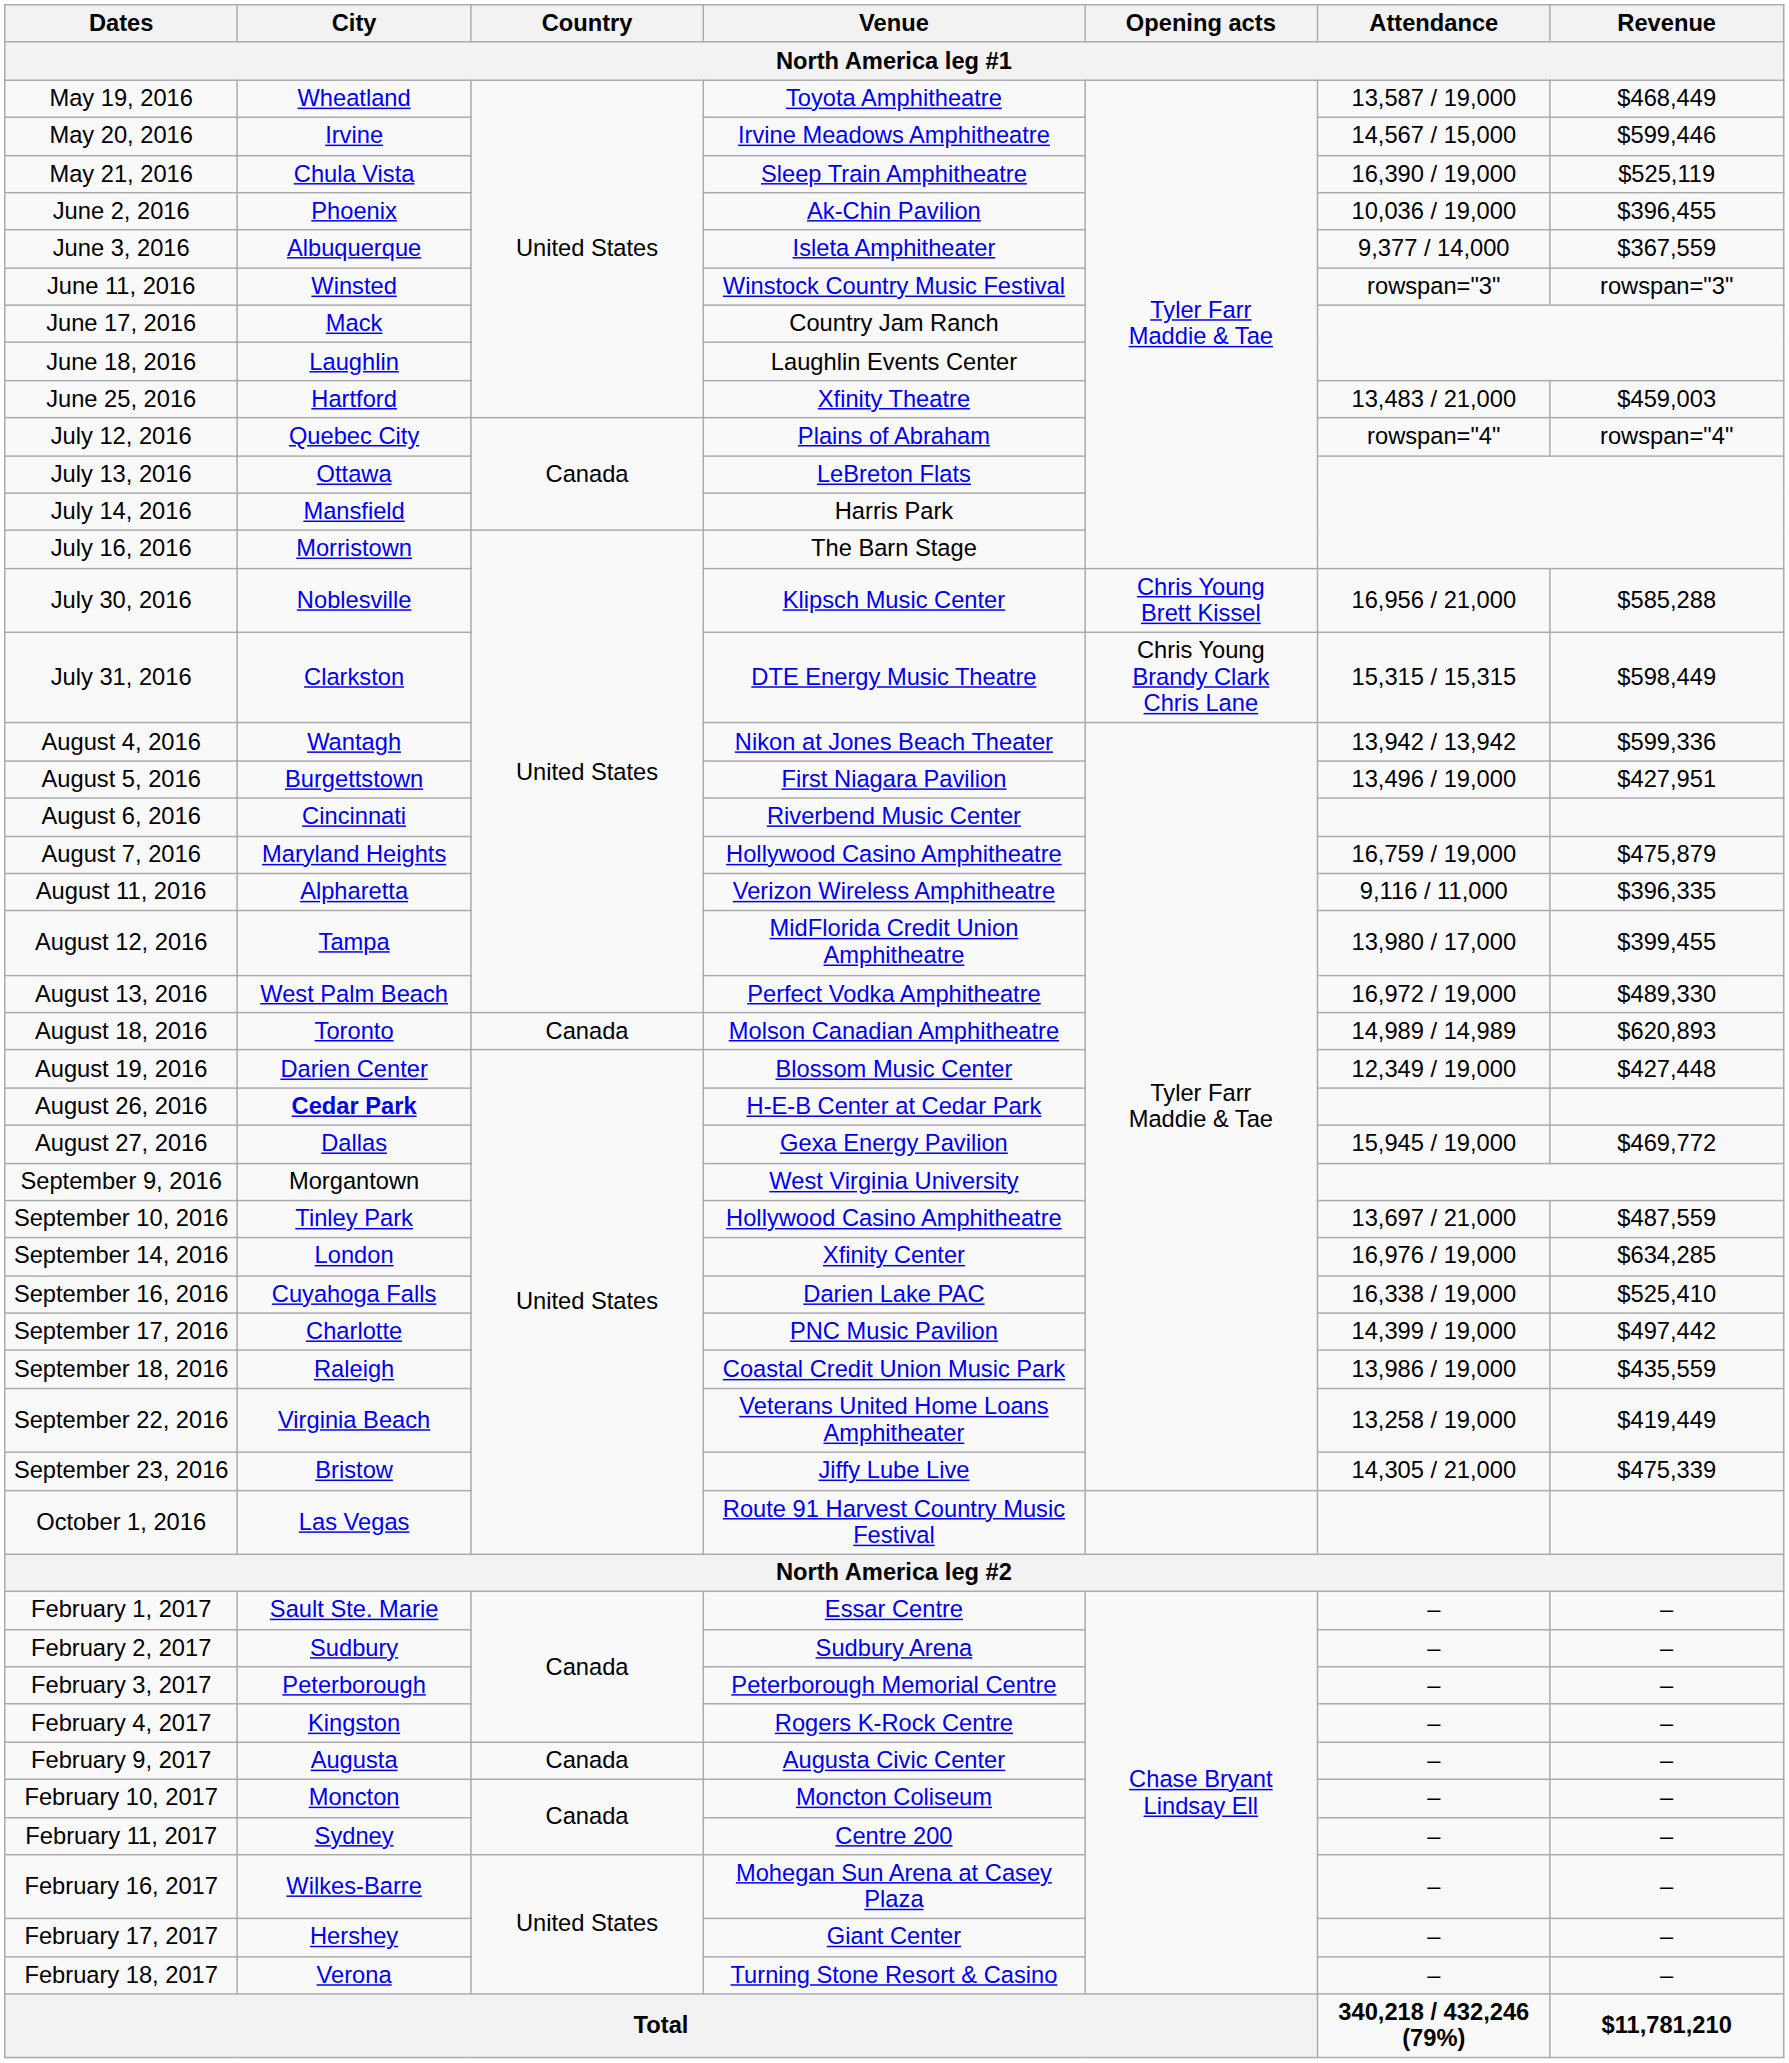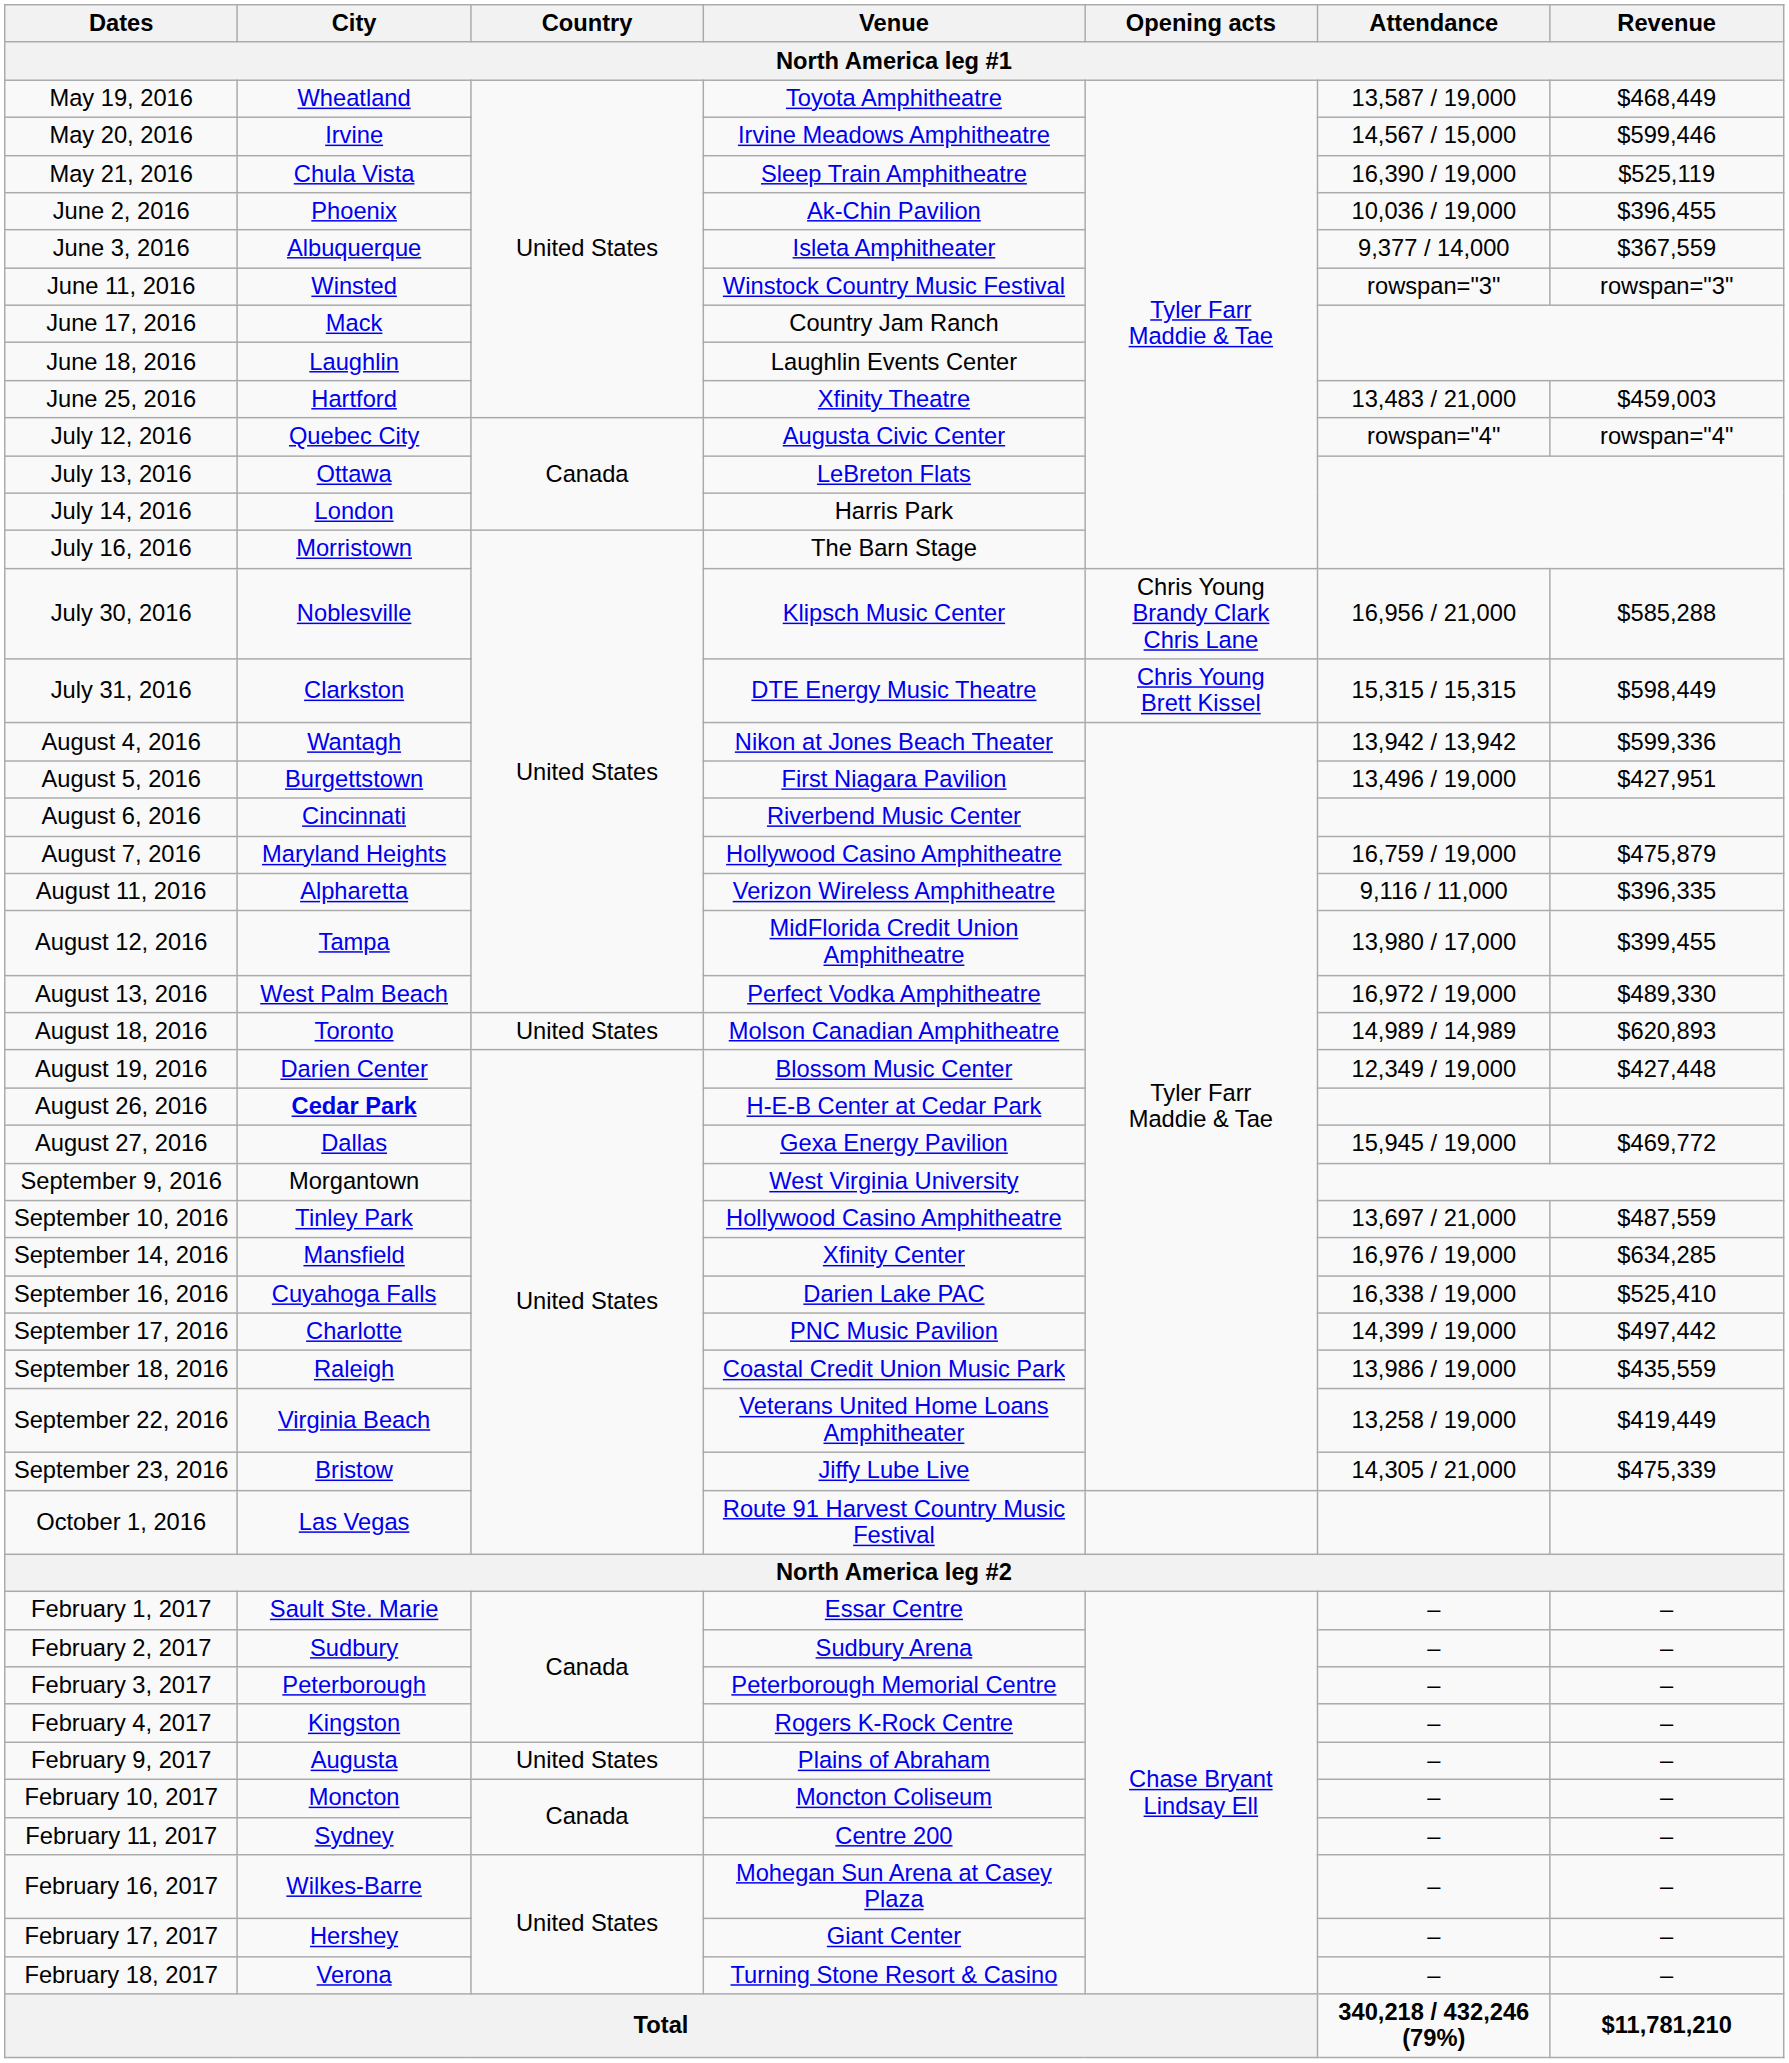 <table class="wikitable" style="text-align:center;">
 <tr>
 <th style="width:150px;">Dates</th>
 <th style="width:150px;">City</th>
 <th style="width:150px;">Country</th>
 <th style="width:250px;">Venue</th>
 <th style="width:150px;">Opening acts</th>
 <th style="width:150px;">Attendance</th>
 <th style="width:150px;">Revenue</th>
 </tr>
 <tr>
 <th colspan="7">North America leg #1</th>
 </tr>
 <tr>
 <td>May 19, 2016</td>
 <td><a href='#'>Wheatland</a></td>
 <td rowspan="9">United States</td>
 <td><a href='#'>Toyota Amphitheatre</a></td>
 <td rowspan="13"><a href='#'>Tyler Farr</a><br><a href='#'>Maddie & Tae</a></td>
 <td>13,587 / 19,000</td>
 <td>$468,449</td>
 </tr>
 <tr>
 <td>May 20, 2016</td>
 <td><a href='#'>Irvine</a></td>
 <td><a href='#'>Irvine Meadows Amphitheatre</a></td>
 <td>14,567 / 15,000</td>
 <td>$599,446</td>
 </tr>
 <tr>
 <td>May 21, 2016</td>
 <td><a href='#'>Chula Vista</a></td>
 <td><a href='#'>Sleep Train Amphitheatre</a></td>
 <td>16,390 / 19,000</td>
 <td>$525,119</td>
 </tr>
 <tr>
 <td>June 2, 2016</td>
 <td><a href='#'>Phoenix</a></td>
 <td><a href='#'>Ak-Chin Pavilion</a></td>
 <td>10,036 / 19,000</td>
 <td>$396,455</td>
 </tr>
 <tr>
 <td>June 3, 2016</td>
 <td><a href='#'>Albuquerque</a></td>
 <td><a href='#'>Isleta Amphitheater</a></td>
 <td>9,377 / 14,000</td>
 <td>$367,559</td>
 </tr>
 <tr>
 <td>June 11, 2016</td>
 <td><a href='#'>Winsted</a></td>
 <td><a href='#'>Winstock Country Music Festival</a></td>
 <td>rowspan="3" </td>
 <td>rowspan="3" </td>
 </tr>
 <tr>
 <td>June 17, 2016</td>
 <td><a href='#'>Mack</a></td>
 <td>Country Jam Ranch</td>
 </tr>
 <tr>
 <td>June 18, 2016</td>
 <td><a href='#'>Laughlin</a></td>
 <td>Laughlin Events Center</td>
 </tr>
 <tr>
 <td>June 25, 2016</td>
 <td><a href='#'>Hartford</a></td>
 <td><a href='#'>Xfinity Theatre</a></td>
 <td>13,483 / 21,000</td>
 <td>$459,003</td>
 </tr>
 <tr>
 <td>July 12, 2016</td>
 <td><a href='#'>Quebec City</a></td>
 <td rowspan="3">Canada</td>
-<td><a href='#'>Plains of Abraham</a></td>
+<td><a href='#'>Augusta Civic Center</a></td>
 <td>rowspan="4" </td>
 <td>rowspan="4" </td>
 </tr>
 <tr>
 <td>July 13, 2016</td>
 <td><a href='#'>Ottawa</a></td>
 <td><a href='#'>LeBreton Flats</a></td>
 </tr>
 <tr>
 <td>July 14, 2016</td>
-<td><a href='#'>Mansfield</a></td>
+<td><a href='#'>London</a></td>
 <td>Harris Park</td>
 </tr>
 <tr>
 <td>July 16, 2016</td>
 <td><a href='#'>Morristown</a></td>
 <td rowspan="10">United States</td>
 <td>The Barn Stage</td>
 </tr>
 <tr>
 <td>July 30, 2016</td>
 <td><a href='#'>Noblesville</a></td>
 <td><a href='#'>Klipsch Music Center</a></td>
-<td><a href='#'>Chris Young</a><br><a href='#'>Brett Kissel</a></td>
+<td>Chris Young<br><a href='#'>Brandy Clark</a><br><a href='#'>Chris Lane</a></td>
 <td>16,956 / 21,000</td>
 <td>$585,288</td>
 </tr>
 <tr>
 <td>July 31, 2016</td>
 <td><a href='#'>Clarkston</a></td>
 <td><a href='#'>DTE Energy Music Theatre</a></td>
-<td>Chris Young<br><a href='#'>Brandy Clark</a><br><a href='#'>Chris Lane</a></td>
+<td><a href='#'>Chris Young</a><br><a href='#'>Brett Kissel</a></td>
 <td>15,315 / 15,315</td>
 <td>$598,449</td>
 </tr>
 <tr>
 <td>August 4, 2016</td>
 <td><a href='#'>Wantagh</a></td>
 <td><a href='#'>Nikon at Jones Beach Theater</a></td>
 <td rowspan="19">Tyler Farr<br>Maddie & Tae</td>
 <td>13,942 / 13,942</td>
 <td>$599,336</td>
 </tr>
 <tr>
 <td>August 5, 2016</td>
 <td><a href='#'>Burgettstown</a></td>
 <td><a href='#'>First Niagara Pavilion</a></td>
 <td>13,496 / 19,000</td>
 <td>$427,951</td>
 </tr>
 <tr>
 <td>August 6, 2016</td>
 <td><a href='#'>Cincinnati</a></td>
 <td><a href='#'>Riverbend Music Center</a></td>
 <td></td>
 <td></td>
 </tr>
 <tr>
 <td>August 7, 2016</td>
 <td><a href='#'>Maryland Heights</a></td>
 <td><a href='#'>Hollywood Casino Amphitheatre</a></td>
 <td>16,759 / 19,000</td>
 <td>$475,879</td>
 </tr>
 <tr>
 <td>August 11, 2016</td>
 <td><a href='#'>Alpharetta</a></td>
 <td><a href='#'>Verizon Wireless Amphitheatre</a></td>
 <td>9,116 / 11,000</td>
 <td>$396,335</td>
 </tr>
 <tr>
 <td>August 12, 2016</td>
 <td><a href='#'>Tampa</a></td>
 <td><a href='#'>MidFlorida Credit Union Amphitheatre</a></td>
 <td>13,980 / 17,000</td>
 <td>$399,455</td>
 </tr>
 <tr>
 <td>August 13, 2016</td>
 <td><a href='#'>West Palm Beach</a></td>
 <td><a href='#'>Perfect Vodka Amphitheatre</a></td>
 <td>16,972 / 19,000</td>
 <td>$489,330</td>
 </tr>
 <tr>
 <td>August 18, 2016</td>
 <td><a href='#'>Toronto</a></td>
-<td>Canada</td>
+<td>United States</td>
 <td><a href='#'>Molson Canadian Amphitheatre</a></td>
 <td>14,989 / 14,989</td>
 <td>$620,893</td>
 </tr>
 <tr>
 <td>August 19, 2016</td>
 <td><a href='#'>Darien Center</a></td>
 <td rowspan="12">United States</td>
 <td><a href='#'>Blossom Music Center</a></td>
 <td>12,349 / 19,000</td>
 <td>$427,448</td>
 </tr>
 <tr>
 <td>August 26, 2016</td>
 <td><strong><a href='#'>Cedar Park</a></strong></td>
 <td><a href='#'>H-E-B Center at Cedar Park</a></td>
 <td></td>
 <td></td>
 </tr>
 <tr>
 <td>August 27, 2016</td>
 <td><a href='#'>Dallas</a></td>
 <td><a href='#'>Gexa Energy Pavilion</a></td>
 <td>15,945 / 19,000</td>
 <td>$469,772</td>
 </tr>
 <tr>
 <td>September 9, 2016</td>
 <td>Morgantown</td>
 <td><a href='#'>West Virginia University</a></td>
 </tr>
 <tr>
 <td>September 10, 2016</td>
 <td><a href='#'>Tinley Park</a></td>
 <td><a href='#'>Hollywood Casino Amphitheatre</a></td>
 <td>13,697 / 21,000</td>
 <td>$487,559</td>
 </tr>
 <tr>
 <td>September 14, 2016</td>
-<td><a href='#'>London</a></td>
+<td><a href='#'>Mansfield</a></td>
 <td><a href='#'>Xfinity Center</a></td>
 <td>16,976 / 19,000</td>
 <td>$634,285</td>
 </tr>
 <tr>
 <td>September 16, 2016</td>
 <td><a href='#'>Cuyahoga Falls</a></td>
 <td><a href='#'>Darien Lake PAC</a></td>
 <td>16,338 / 19,000</td>
 <td>$525,410</td>
 </tr>
 <tr>
 <td>September 17, 2016</td>
 <td><a href='#'>Charlotte</a></td>
 <td><a href='#'>PNC Music Pavilion</a></td>
 <td>14,399 / 19,000</td>
 <td>$497,442</td>
 </tr>
 <tr>
 <td>September 18, 2016</td>
 <td><a href='#'>Raleigh</a></td>
 <td><a href='#'>Coastal Credit Union Music Park</a></td>
 <td>13,986 / 19,000</td>
 <td>$435,559</td>
 </tr>
 <tr>
 <td>September 22, 2016</td>
 <td><a href='#'>Virginia Beach</a></td>
 <td><a href='#'>Veterans United Home Loans Amphitheater</a></td>
 <td>13,258 / 19,000</td>
 <td>$419,449</td>
 </tr>
 <tr>
 <td>September 23, 2016</td>
 <td><a href='#'>Bristow</a></td>
 <td><a href='#'>Jiffy Lube Live</a></td>
 <td>14,305 / 21,000</td>
 <td>$475,339</td>
 </tr>
 <tr>
 <td>October 1, 2016</td>
 <td><a href='#'>Las Vegas</a></td>
 <td><a href='#'>Route 91 Harvest Country Music Festival</a></td>
 <td></td>
 <td></td>
 </tr>
 <tr>
 <th colspan="7">North America leg #2</th>
 </tr>
 <tr>
 <td>February 1, 2017</td>
 <td><a href='#'>Sault Ste. Marie</a></td>
 <td rowspan="4">Canada</td>
 <td><a href='#'>Essar Centre</a></td>
 <td rowspan="10"><a href='#'>Chase Bryant</a><br><a href='#'>Lindsay Ell</a></td>
 <td>–</td>
 <td>–</td>
 </tr>
 <tr>
 <td>February 2, 2017</td>
 <td><a href='#'>Sudbury</a></td>
 <td><a href='#'>Sudbury Arena</a></td>
 <td>–</td>
 <td>–</td>
 </tr>
 <tr>
 <td>February 3, 2017</td>
 <td><a href='#'>Peterborough</a></td>
 <td><a href='#'>Peterborough Memorial Centre</a></td>
 <td>–</td>
 <td>–</td>
 </tr>
 <tr>
 <td>February 4, 2017</td>
 <td><a href='#'>Kingston</a></td>
 <td><a href='#'>Rogers K-Rock Centre</a></td>
 <td>–</td>
 <td>–</td>
 </tr>
 <tr>
 <td>February 9, 2017</td>
 <td><a href='#'>Augusta</a></td>
-<td>Canada</td>
-<td><a href='#'>Augusta Civic Center</a></td>
+<td>United States</td>
+<td><a href='#'>Plains of Abraham</a></td>
 <td>–</td>
 <td>–</td>
 </tr>
 <tr>
 <td>February 10, 2017</td>
 <td><a href='#'>Moncton</a></td>
 <td rowspan="2">Canada</td>
 <td><a href='#'>Moncton Coliseum</a></td>
 <td>–</td>
 <td>–</td>
 </tr>
 <tr>
 <td>February 11, 2017</td>
 <td><a href='#'>Sydney</a></td>
 <td><a href='#'>Centre 200</a></td>
 <td>–</td>
 <td>–</td>
 </tr>
 <tr>
 <td>February 16, 2017</td>
 <td><a href='#'>Wilkes-Barre</a></td>
 <td rowspan="3">United States</td>
 <td><a href='#'>Mohegan Sun Arena at Casey Plaza</a></td>
 <td>–</td>
 <td>–</td>
 </tr>
 <tr>
 <td>February 17, 2017</td>
 <td><a href='#'>Hershey</a></td>
 <td><a href='#'>Giant Center</a></td>
 <td>–</td>
 <td>–</td>
 </tr>
 <tr>
 <td>February 18, 2017</td>
 <td><a href='#'>Verona</a></td>
 <td><a href='#'>Turning Stone Resort & Casino</a></td>
 <td>–</td>
 <td>–</td>
 </tr>
 <tr>
 <th colspan="5">Total</th>
 <td><strong>340,218 / 432,246 (79%)</strong></td>
 <td><strong>$11,781,210</strong></td>
 </tr>
 </table>
